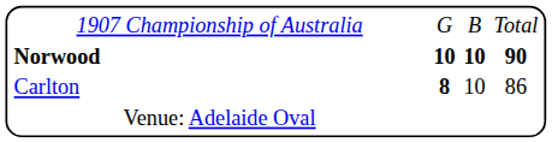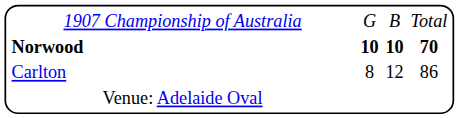 <table style="margin-right:4px; margin-top:8px; float:right; border:1px #000 solid; border-radius:8px; background:#fff; font-family:Verdana; font-size:8pt; text-align:center;">
 <tr>
 <td width=200><em><a href='#'>1907 Championship of Australia</a></em></td>
 <td><em>G</em></td>
 <td><em>B</em></td>
 <td><em>Total</em></td>
 </tr>
 <tr>
 <td style="text-align:left"><strong>Norwood</strong></td>
 <td><strong>10</strong></td>
 <td><strong>10</strong></td>
-<td><strong>90</strong></td>
+<td><strong>70</strong></td>
 </tr>
 <tr>
 <td style="text-align:left"><a href='#'>Carlton</a></td>
-<td><strong>8</strong></td>
-<td>10</td>
+<td>8</td>
+<td>12</td>
 <td>86</td>
 </tr>
 <tr>
 <td>Venue: <a href='#'>Adelaide Oval</a></td>
 <td colspan=3></td>
 </tr>
 </table>
